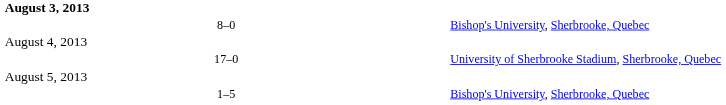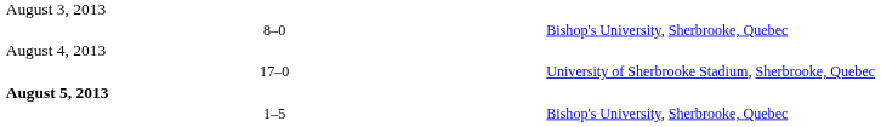 <table style="width:100%;" cellspacing="1">
 <tr>
 <th width=25%></th>
 <th width=10%></th>
 <th width=25%></th>
 </tr>
 <tr>
-<td><strong>August 3, 2013</strong></td>
+<td>August 3, 2013</td>
 </tr>
 <tr style=font-size:90%>
 <td align=right></td>
 <td align=center>8–0</td>
 <td></td>
 <td><a href='#'>Bishop's University</a>, <a href='#'>Sherbrooke, Quebec</a></td>
 </tr>
 <tr>
 <td>August 4, 2013</td>
 </tr>
 <tr style=font-size:90%>
 <td align=right></td>
 <td align=center>17–0</td>
 <td></td>
 <td><a href='#'>University of Sherbrooke Stadium</a>, <a href='#'>Sherbrooke, Quebec</a></td>
 </tr>
 <tr>
-<td>August 5, 2013</td>
+<td><strong>August 5, 2013</strong></td>
 </tr>
 <tr style=font-size:90%>
 <td align=right></td>
 <td align=center>1–5</td>
 <td></td>
 <td><a href='#'>Bishop's University</a>, <a href='#'>Sherbrooke, Quebec</a></td>
 </tr>
 </table>
